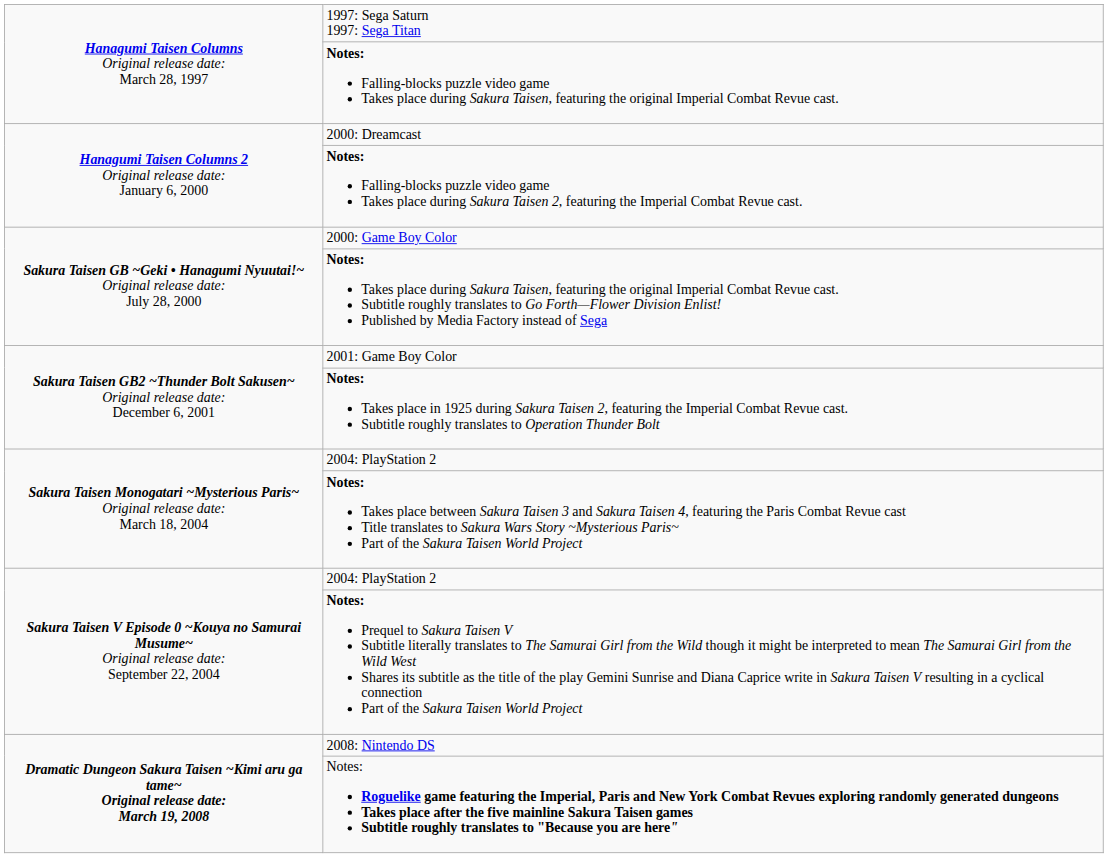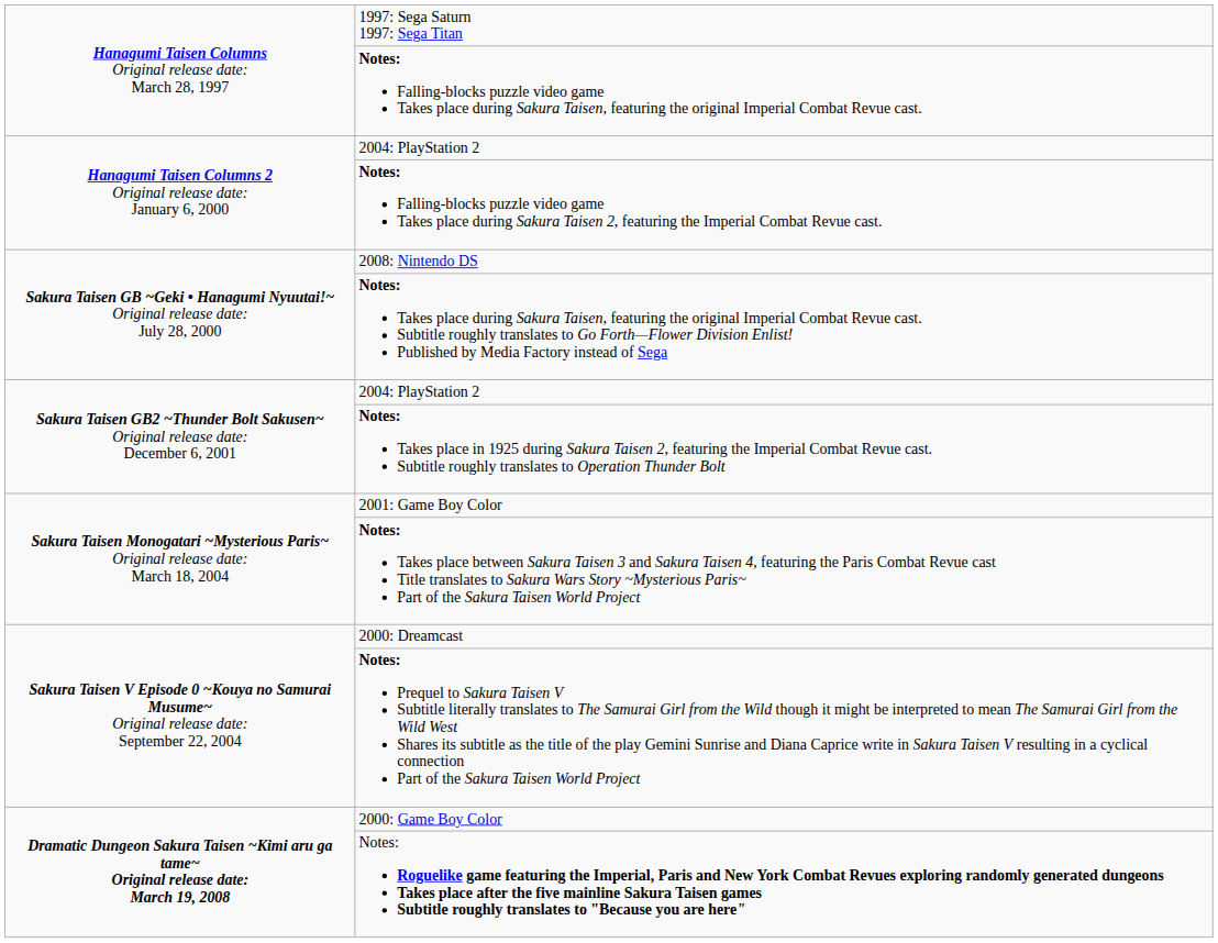 <table class="wikitable" style="margin: 1em auto 1em auto;width:100%;">
 <tr>
 <td width="200pt" rowspan="2" valign="center" align="center"><strong><em><a href='#'>Hanagumi Taisen Columns</a></em></strong><br><em>Original release date:</em><br> March 28, 1997</td>
 <td width="500pt" valign="top" align="left">1997: Sega Saturn<br>1997: <a href='#'>Sega Titan</a></td>
 </tr>
 <tr>
 <td valign="top" align="left"><strong>Notes:</strong><br><ul><li>Falling-blocks puzzle video game</li><li>Takes place during <em>Sakura Taisen</em>, featuring the original Imperial Combat Revue cast.</li></ul></td>
 </tr>
 <tr>
 <td width="200pt" rowspan="2" valign="center" align="center"><strong><em><a href='#'>Hanagumi Taisen Columns 2</a></em></strong><br><em>Original release date:</em><br> January 6, 2000</td>
-<td width="500pt" valign="top" align="left">2000: Dreamcast</td>
+<td width="500pt" valign="top" align="left">2004: PlayStation 2</td>
 </tr>
 <tr>
 <td valign="top" align="left"><strong>Notes:</strong><br><ul><li>Falling-blocks puzzle video game</li><li>Takes place during <em>Sakura Taisen 2</em>, featuring the Imperial Combat Revue cast.</li></ul></td>
 </tr>
 <tr>
 <td width="200pt" rowspan="2" valign="center" align="center"><strong><em>Sakura Taisen GB ~Geki • Hanagumi Nyuutai!~</em></strong><br><em>Original release date:</em><br> July 28, 2000</td>
-<td width="500pt" valign="top" align="left">2000: <a href='#'>Game Boy Color</a></td>
+<td width="500pt" valign="top" align="left">2008: <a href='#'>Nintendo DS</a></td>
 </tr>
 <tr>
 <td valign="top" align="left"><strong>Notes:</strong><br><ul><li>Takes place during <em>Sakura Taisen</em>, featuring the original Imperial Combat Revue cast.</li><li>Subtitle roughly translates to <em>Go Forth—Flower Division Enlist!</em></li><li>Published by Media Factory instead of <a href='#'>Sega</a></li></ul></td>
 </tr>
 <tr>
 <td width="200pt" rowspan="2" valign="center" align="center"><strong><em>Sakura Taisen GB2 ~Thunder Bolt Sakusen~</em></strong><br><em>Original release date:</em><br> December 6, 2001</td>
-<td width="500pt" valign="top" align="left">2001: Game Boy Color</td>
+<td width="500pt" valign="top" align="left">2004: PlayStation 2</td>
 </tr>
 <tr>
 <td valign="top" align="left"><strong>Notes:</strong><br><ul><li>Takes place in 1925 during <em>Sakura Taisen 2</em>, featuring the Imperial Combat Revue cast.</li><li>Subtitle roughly translates to <em>Operation Thunder Bolt</em></li></ul></td>
 </tr>
 <tr>
 <td width="200pt" rowspan="2" valign="center" align="center"><strong><em>Sakura Taisen Monogatari ~Mysterious Paris~</em></strong><br><em>Original release date:</em><br> March 18, 2004</td>
-<td width="500pt" valign="top" align="left">2004: PlayStation 2</td>
+<td width="500pt" valign="top" align="left">2001: Game Boy Color</td>
 </tr>
 <tr>
 <td valign="top" align="left"><strong>Notes:</strong><br><ul><li>Takes place between <em>Sakura Taisen 3</em> and <em>Sakura Taisen 4</em>, featuring the Paris Combat Revue cast</li><li>Title translates to <em>Sakura Wars Story ~Mysterious Paris~</em></li><li>Part of the <em>Sakura Taisen World Project</em></li></ul></td>
 </tr>
 <tr>
 <td width="200pt" rowspan="2" valign="center" align="center"><strong><em>Sakura Taisen V Episode 0 ~Kouya no Samurai Musume~</em></strong><br><em>Original release date:</em><br> September 22, 2004</td>
-<td width="500pt" valign="top" align="left">2004: PlayStation 2</td>
+<td width="500pt" valign="top" align="left">2000: Dreamcast</td>
 </tr>
 <tr>
 <td valign="top" align="left"><strong>Notes:</strong><br><ul><li>Prequel to <em>Sakura Taisen V</em></li><li>Subtitle literally translates to <em>The Samurai Girl from the Wild</em> though it might be interpreted to mean <em>The Samurai Girl from the Wild West</em></li><li>Shares its subtitle as the title of the play Gemini Sunrise and Diana Caprice write in <em>Sakura Taisen V</em> resulting in a cyclical connection</li><li>Part of the <em>Sakura Taisen World Project</em></li></ul></td>
 </tr>
 <tr>
 <td width="200pt" rowspan="2" valign="center" align="center"><strong><em>Dramatic Dungeon Sakura Taisen ~Kimi aru ga tame~<em> <strong><br></em>Original release date:<em><br> March 19, 2008</td>
-<td width="500pt" valign="top" align="left">2008: <a href='#'>Nintendo DS</a></td>
+<td width="500pt" valign="top" align="left">2000: <a href='#'>Game Boy Color</a></td>
 </tr>
 <tr>
 <td valign="top" align="left"></strong>Notes:<strong><br><ul><li><a href='#'>Roguelike</a> game featuring the Imperial, Paris and New York Combat Revues exploring randomly generated dungeons</li><li>Takes place after the five mainline Sakura Taisen games</li><li>Subtitle roughly translates to "</em>Because you are here<em>"</li></ul></td>
 </tr>
 </table>
